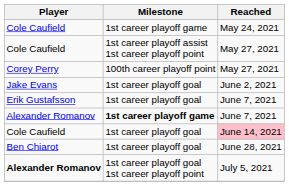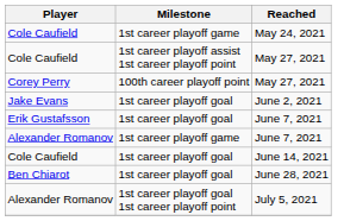 <table class="wikitable sortable">
 <tr align=center>
 <th>Player</th>
 <th>Milestone</th>
 <th data-sort-type="date">Reached</th>
 </tr>
 <tr>
 <td><a href='#'>Cole Caufield</a></td>
 <td>1st career playoff game</td>
 <td>May 24, 2021</td>
 </tr>
 <tr>
 <td>Cole Caufield</td>
 <td>1st career playoff assist<br>1st career playoff point</td>
 <td>May 27, 2021</td>
 </tr>
 <tr>
 <td><a href='#'>Corey Perry</a></td>
 <td>100th career playoff point</td>
 <td>May 27, 2021</td>
 </tr>
 <tr>
 <td><a href='#'>Jake Evans</a></td>
 <td>1st career playoff goal</td>
 <td>June 2, 2021</td>
 </tr>
 <tr>
 <td><a href='#'>Erik Gustafsson</a></td>
 <td>1st career playoff goal</td>
 <td>June 7, 2021</td>
 </tr>
 <tr>
 <td><a href='#'>Alexander Romanov</a></td>
-<td><strong>1st career playoff game</strong></td>
+<td>1st career playoff game</td>
 <td>June 7, 2021</td>
 </tr>
 <tr>
 <td>Cole Caufield</td>
 <td>1st career playoff goal</td>
-<td style="background: pink;">June 14, 2021</td>
+<td>June 14, 2021</td>
 </tr>
 <tr>
 <td><a href='#'>Ben Chiarot</a></td>
 <td>1st career playoff goal</td>
 <td>June 28, 2021</td>
 </tr>
 <tr>
-<td><strong>Alexander Romanov</strong></td>
+<td>Alexander Romanov</td>
 <td>1st career playoff goal<br>1st career playoff point</td>
 <td>July 5, 2021</td>
 </tr>
 <tr>
 </tr>
 </table>
